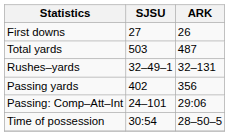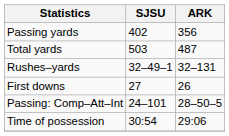 <table class="wikitable" style="float: left;">
 <tr>
 <th>Statistics</th>
 <th>SJSU</th>
 <th>ARK</th>
 </tr>
 <tr>
-<td>First downs</td>
-<td>27</td>
-<td>26</td>
+<td>Passing yards</td>
+<td>402</td>
+<td>356</td>
 </tr>
 <tr>
 <td>Total yards</td>
 <td>503</td>
 <td>487</td>
 </tr>
 <tr>
 <td>Rushes–yards</td>
 <td>32–49–1</td>
 <td>32–131</td>
 </tr>
 <tr>
-<td>Passing yards</td>
-<td>402</td>
-<td>356</td>
+<td>First downs</td>
+<td>27</td>
+<td>26</td>
 </tr>
 <tr>
 <td>Passing: Comp–Att–Int</td>
 <td>24–101</td>
-<td>29:06</td>
+<td>28–50–5</td>
 </tr>
 <tr>
 <td>Time of possession</td>
 <td>30:54</td>
-<td>28–50–5</td>
+<td>29:06</td>
 </tr>
 <tr>
 </tr>
 </table>
